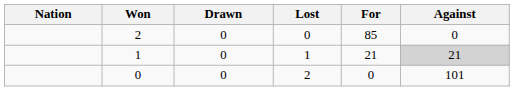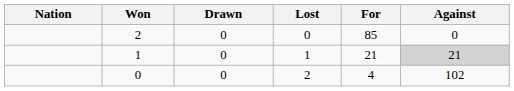 <table class="wikitable" style="text-align: center; width:50%">
 <tr>
 <th>Nation</th>
 <th>Won</th>
 <th>Drawn</th>
 <th>Lost</th>
 <th>For</th>
 <th>Against</th>
 </tr>
 <tr>
 <td align=left></td>
 <td>2</td>
 <td>0</td>
 <td>0</td>
 <td>85</td>
 <td>0</td>
 </tr>
 <tr>
 <td align=left></td>
 <td>1</td>
 <td>0</td>
 <td>1</td>
 <td>21</td>
 <td style="background: lightgrey;">21</td>
 </tr>
 <tr>
 <td align=left></td>
 <td>0</td>
 <td>0</td>
 <td>2</td>
-<td>0</td>
-<td>101</td>
+<td>4</td>
+<td>102</td>
 </tr>
 </table>
